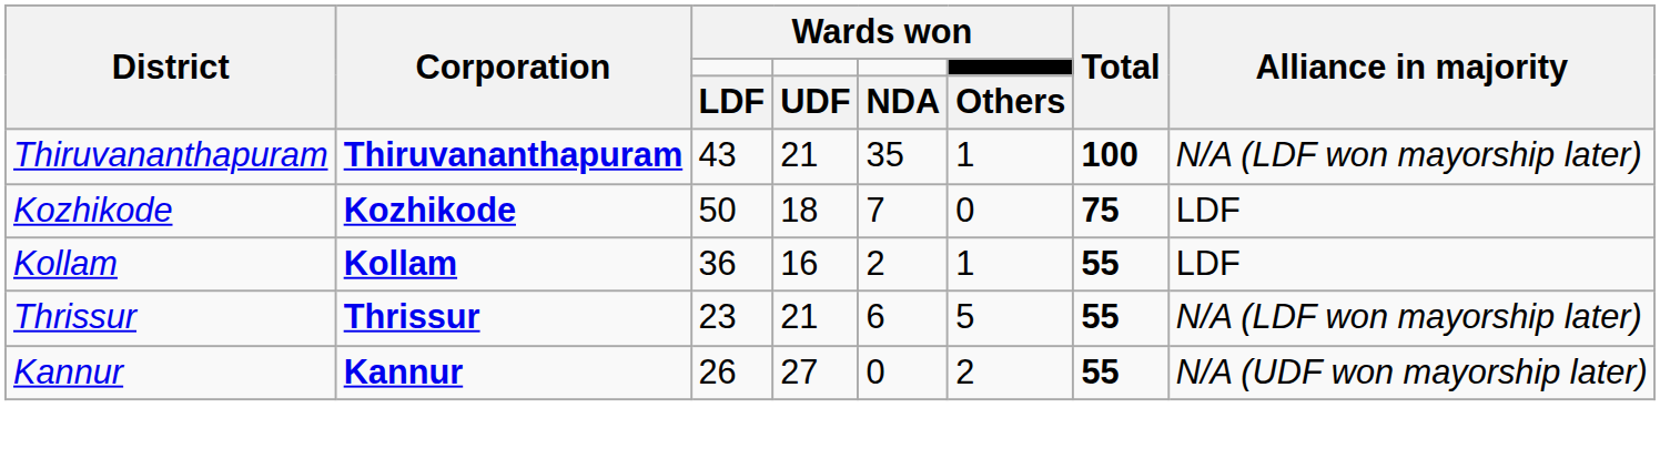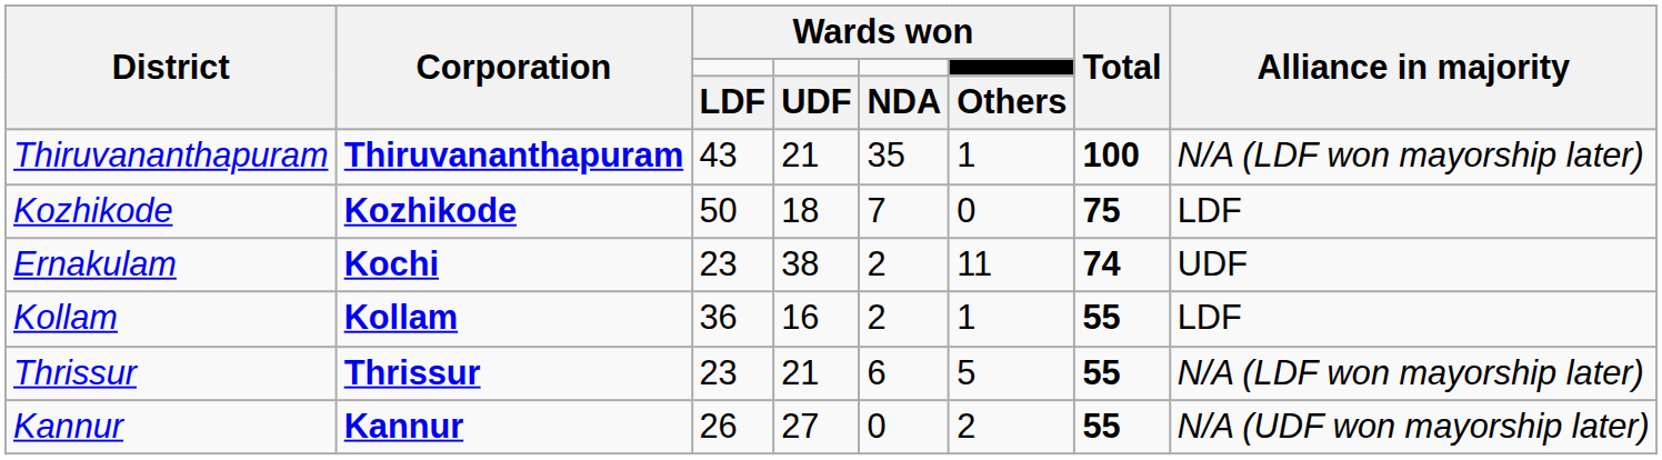 <table class="wikitable">
 <tr>
 <th rowspan="3">District</th>
 <th rowspan="3">Corporation</th>
 <th colspan="4">Wards won</th>
 <th rowspan="3">Total</th>
 <th rowspan="3">Alliance in majority</th>
 </tr>
 <tr>
 <td style="background:"></td>
 <td style="background:"></td>
 <td style="background:"></td>
 <td style="background:black"></td>
 </tr>
 <tr>
 <th>LDF</th>
 <th>UDF</th>
 <th>NDA</th>
 <th>Others</th>
 </tr>
 <tr>
 <td><a href='#'><em>Thiruvananthapuram</em></a></td>
 <td><strong><a href='#'>Thiruvananthapuram</a></strong></td>
 <td>43</td>
 <td>21</td>
 <td>35</td>
 <td>1</td>
 <td><strong>100</strong></td>
 <td><em>N/A (LDF won mayorship later)</em></td>
 </tr>
 <tr>
 <td><a href='#'><em>Kozhikode</em></a></td>
 <td><strong><a href='#'>Kozhikode</a></strong></td>
 <td>50</td>
 <td>18</td>
 <td>7</td>
 <td>0</td>
 <td><strong>75</strong></td>
 <td>LDF</td>
 </tr>
 <tr>
+<td><a href='#'><em>Ernakulam</em></a></td>
+<td><strong><a href='#'>Kochi</a></strong></td>
+<td>23</td>
+<td>38</td>
+<td>2</td>
+<td>11</td>
+<td><strong>74</strong></td>
+<td>UDF</td>
+</tr>
+<tr>
 <td><a href='#'><em>Kollam</em></a></td>
 <td><strong><a href='#'>Kollam</a></strong></td>
 <td>36</td>
 <td>16</td>
 <td>2</td>
 <td>1</td>
 <td><strong>55</strong></td>
 <td>LDF</td>
 </tr>
 <tr>
 <td><a href='#'><em>Thrissur</em></a></td>
 <td><strong><a href='#'>Thrissur</a></strong></td>
 <td>23</td>
 <td>21</td>
 <td>6</td>
 <td>5</td>
 <td><strong>55</strong></td>
 <td><em>N/A (LDF won mayorship later)</em></td>
 </tr>
 <tr>
 <td><a href='#'><em>Kannur</em></a></td>
 <td><strong><a href='#'>Kannur</a></strong></td>
 <td>26</td>
 <td>27</td>
 <td>0</td>
 <td>2</td>
 <td><strong>55</strong></td>
 <td><em>N/A (UDF won mayorship later)</em></td>
 </tr>
 </table>
